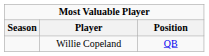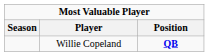 <table class="wikitable sortable" style="text-align:center">
 <tr>
 <td colspan="4"><strong>Most Valuable Player</strong></td>
 </tr>
 <tr>
 <th style="width:50px; ">Season</th>
 <th style="width:150px; ">Player</th>
 <th style="width:100px; ">Position</th>
 </tr>
 <tr>
 <td></td>
 <td>Willie Copeland</td>
-<td><a href='#'>QB</a></td>
+<td><strong><a href='#'>QB</a></strong></td>
 </tr>
 </table>
